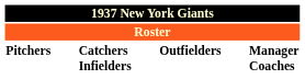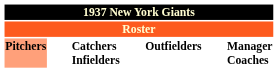 <table class="toccolours" style="font-size: 95%;">
 <tr>
 <th colspan="10" style="background-color: black; color: #FFFDD0; text-align: center;">1937 New York Giants</th>
 </tr>
 <tr>
 <td colspan="10" style="background-color: #fd5a1e; color: #FFFDD0; text-align: center;"><strong>Roster</strong></td>
 </tr>
 <tr>
-<td valign="top"><strong>Pitchers</strong><br>              </td>
+<td valign="top" style="background: lightsalmon;"><strong>Pitchers</strong><br>              </td>
 <td width="25px"></td>
 <td valign="top"><strong>Catchers</strong><br>   <strong>Infielders</strong>        </td>
 <td width="25px"></td>
 <td valign="top"><strong>Outfielders</strong><br>     </td>
 <td width="25px"></td>
 <td valign="top"><strong>Manager</strong><br> <strong>Coaches</strong>  </td>
 </tr>
 </table>
